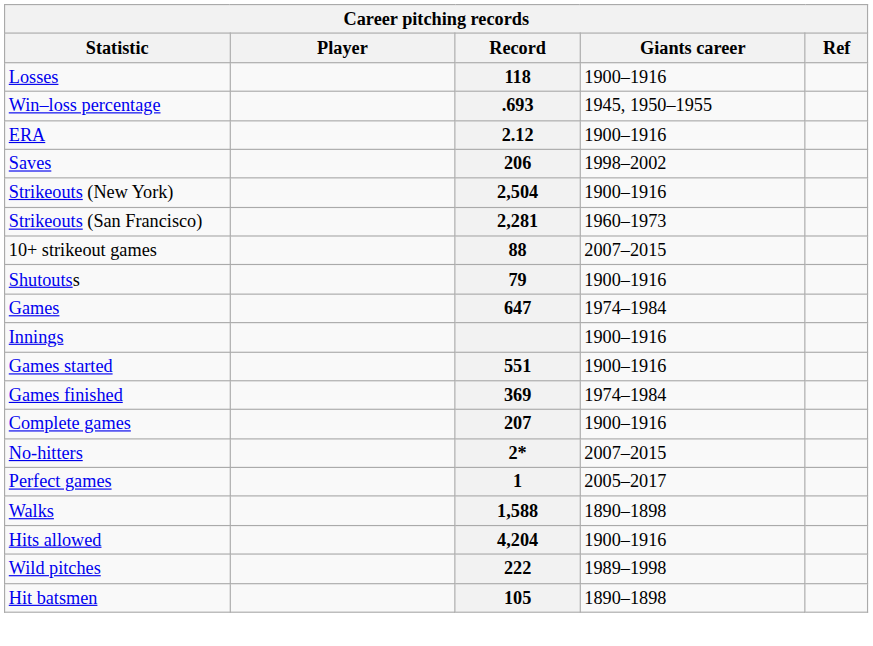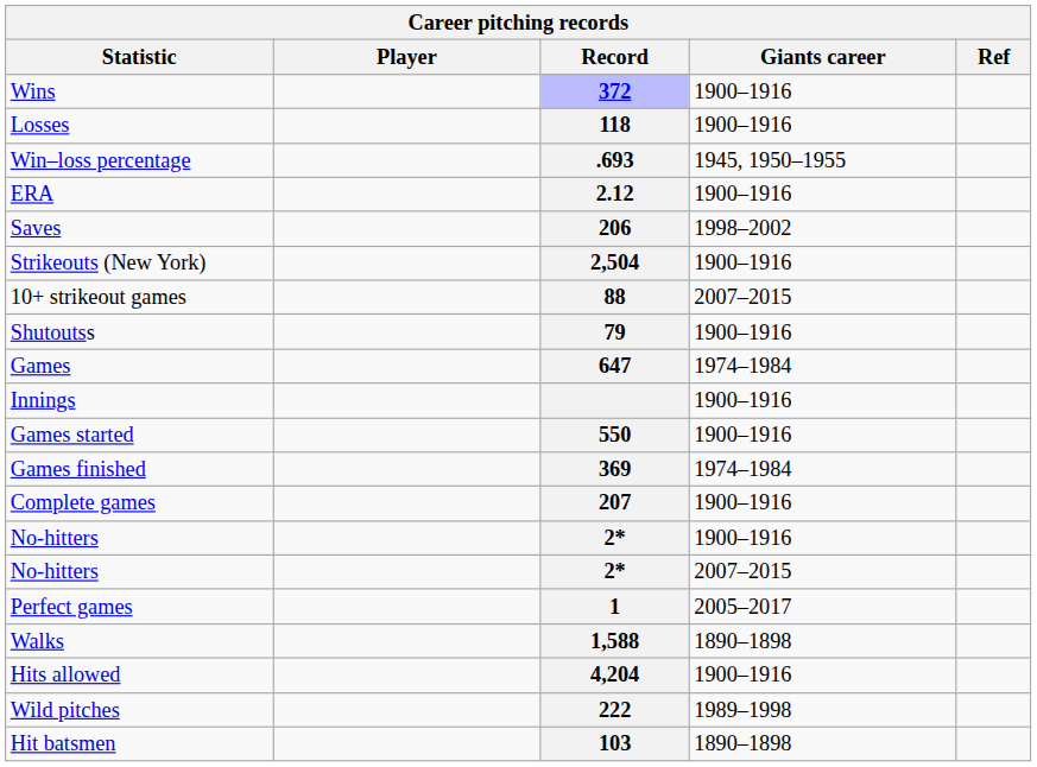 <table class="wikitable sortable" style="text-align:left" width="60%">
 <tr>
 <th colspan=5>Career pitching records</th>
 </tr>
 <tr>
 <th scope="col" width=18%>Statistic</th>
 <th scope="col" width=18%>Player</th>
 <th scope="col" width=10% class="unsortable">Record</th>
 <th scope="col" width=18%>Giants career</th>
 <th scope="col" width=5% class="unsortable">Ref</th>
+</tr>
+<tr>
+<td><a href='#'>Wins</a></td>
+<td></td>
+<th scope="row" style="background-color:#bbbbff"><a href='#'>372</a></th>
+<td>1900–1916</td>
+<td></td>
 </tr>
 <tr>
 <td><a href='#'>Losses</a></td>
 <td></td>
 <th scope="row">118</th>
 <td>1900–1916</td>
 <td></td>
 </tr>
 <tr>
 <td><a href='#'>Win–loss percentage</a></td>
 <td></td>
 <th scope="row">.693</th>
 <td>1945, 1950–1955</td>
 <td></td>
 </tr>
 <tr>
 <td><a href='#'>ERA</a></td>
 <td></td>
 <th scope="row">2.12</th>
 <td>1900–1916</td>
 <td></td>
 </tr>
 <tr>
 <td><a href='#'>Saves</a></td>
 <td></td>
 <th scope="row">206</th>
 <td>1998–2002</td>
 <td></td>
 </tr>
 <tr>
 <td><a href='#'>Strikeouts</a> (New York)</td>
 <td></td>
 <th scope="row">2,504</th>
 <td>1900–1916</td>
 <td></td>
 </tr>
 <tr>
-<td><a href='#'>Strikeouts</a> (San Francisco)</td>
-<td></td>
-<th scope="row">2,281</th>
-<td>1960–1973</td>
-<td></td>
-</tr>
-<tr>
 <td>10+ strikeout games</td>
 <td></td>
 <th scope="row">88</th>
 <td>2007–2015</td>
 <td></td>
 </tr>
 <tr>
 <td><a href='#'>Shutouts</a>s</td>
 <td></td>
 <th scope="row">79</th>
 <td>1900–1916</td>
 <td></td>
 </tr>
 <tr>
 <td><a href='#'>Games</a></td>
 <td></td>
 <th scope="row">647</th>
 <td>1974–1984</td>
 <td></td>
 </tr>
 <tr>
 <td><a href='#'>Innings</a></td>
 <td></td>
 <th scope="row"></th>
 <td>1900–1916</td>
 <td></td>
 </tr>
 <tr>
 <td><a href='#'>Games started</a></td>
 <td></td>
-<th scope="row">551</th>
+<th scope="row">550</th>
 <td>1900–1916</td>
 <td></td>
 </tr>
 <tr>
 <td><a href='#'>Games finished</a></td>
 <td></td>
 <th scope="row">369</th>
 <td>1974–1984</td>
 <td></td>
 </tr>
 <tr>
 <td><a href='#'>Complete games</a></td>
 <td></td>
 <th scope="row">207</th>
+<td>1900–1916</td>
+<td></td>
+</tr>
+<tr>
+<td><a href='#'>No-hitters</a></td>
+<td></td>
+<th scope="row">2*</th>
 <td>1900–1916</td>
 <td></td>
 </tr>
 <tr>
 <td><a href='#'>No-hitters</a></td>
 <td></td>
 <th scope="row">2*</th>
 <td>2007–2015</td>
 <td></td>
 </tr>
 <tr>
 <td><a href='#'>Perfect games</a></td>
 <td></td>
 <th scope="row">1</th>
 <td>2005–2017</td>
 <td></td>
 </tr>
 <tr>
 <td><a href='#'>Walks</a></td>
 <td></td>
 <th scope="row">1,588</th>
 <td>1890–1898</td>
 <td></td>
 </tr>
 <tr>
 <td><a href='#'>Hits allowed</a></td>
 <td></td>
 <th scope="row">4,204</th>
 <td>1900–1916</td>
 <td></td>
 </tr>
 <tr>
 <td><a href='#'>Wild pitches</a></td>
 <td></td>
 <th scope="row">222</th>
 <td>1989–1998</td>
 <td></td>
 </tr>
 <tr>
 <td><a href='#'>Hit batsmen</a></td>
 <td></td>
-<th scope="row">105</th>
+<th scope="row">103</th>
 <td>1890–1898</td>
 <td></td>
 </tr>
 </table>
